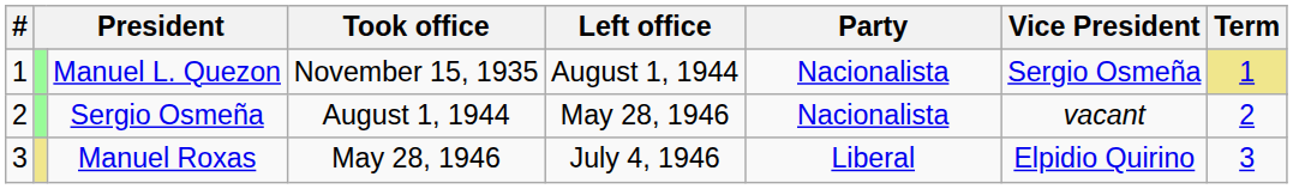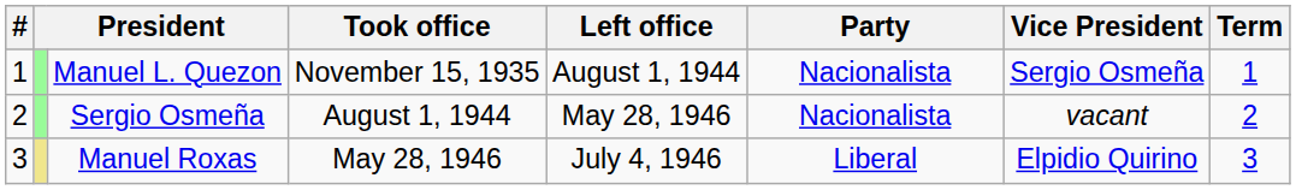 <table class="wikitable" style="text-align:center">
 <tr style="background:#cccccc">
 <th>#</th>
 <th colspan="2">President</th>
 <th>Took office</th>
 <th>Left office</th>
 <th width="20%">Party</th>
 <th>Vice President</th>
 <th>Term</th>
 </tr>
 <tr>
 <td rowspan="2">1</td>
 <td rowspan="2" style="background:#98fb98"></td>
 <td rowspan="2"><a href='#'>Manuel L. Quezon</a></td>
 <td rowspan="2">November 15, 1935</td>
 <td rowspan="2">August 1, 1944</td>
 <td rowspan="2"><a href='#'>Nacionalista</a></td>
 <td rowspan="2"><a href='#'>Sergio Osmeña</a></td>
-<td style="background: khaki;"><a href='#'>1</a></td>
+<td><a href='#'>1</a></td>
 </tr>
 <tr>
 <td rowspan="2"><a href='#'>2</a></td>
 </tr>
 <tr>
 <td>2</td>
 <td style="background:#98fb98"></td>
 <td><a href='#'>Sergio Osmeña</a></td>
 <td>August 1, 1944</td>
 <td>May 28, 1946</td>
 <td><a href='#'>Nacionalista</a></td>
 <td><em>vacant</em></td>
 </tr>
 <tr>
 <td>3</td>
 <td style="background:#f0e68c"></td>
 <td><a href='#'>Manuel Roxas</a></td>
 <td>May 28, 1946</td>
 <td>July 4, 1946</td>
 <td><a href='#'>Liberal</a></td>
 <td><a href='#'>Elpidio Quirino</a></td>
 <td><a href='#'>3</a></td>
 </tr>
 </table>
